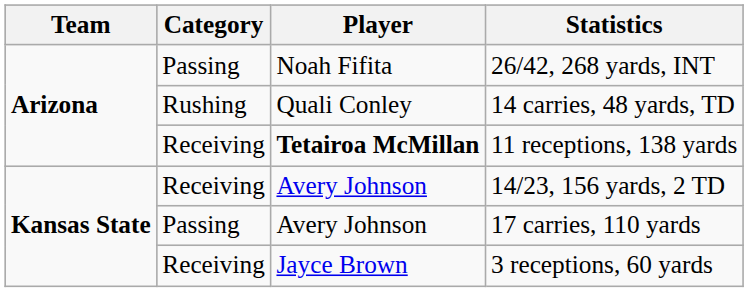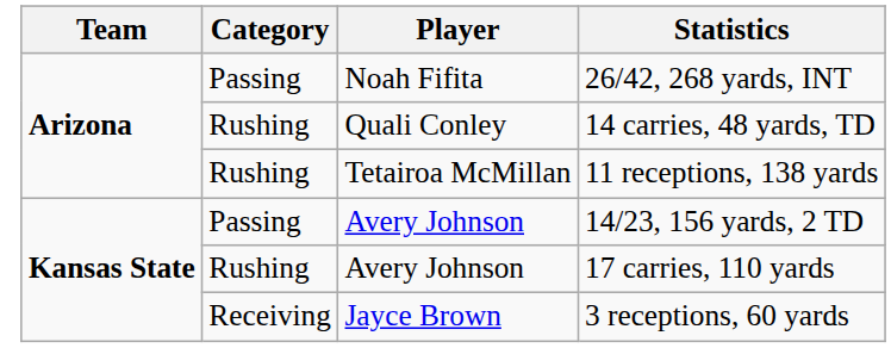 <table class="wikitable" style="float: right;">
 <tr>
 <th>Team</th>
 <th>Category</th>
 <th>Player</th>
 <th>Statistics</th>
 </tr>
 <tr>
 <td rowspan=3><strong>Arizona</strong></td>
 <td>Passing</td>
 <td>Noah Fifita</td>
 <td>26/42, 268 yards, INT</td>
 </tr>
 <tr>
 <td>Rushing</td>
 <td>Quali Conley</td>
 <td>14 carries, 48 yards, TD</td>
 </tr>
 <tr>
-<td>Receiving</td>
-<td><strong>Tetairoa McMillan</strong></td>
+<td>Rushing</td>
+<td>Tetairoa McMillan</td>
 <td>11 receptions, 138 yards</td>
 </tr>
 <tr>
 <td rowspan=3><strong>Kansas State</strong></td>
-<td>Receiving</td>
+<td>Passing</td>
 <td><a href='#'>Avery Johnson</a></td>
 <td>14/23, 156 yards, 2 TD</td>
 </tr>
 <tr>
-<td>Passing</td>
+<td>Rushing</td>
 <td>Avery Johnson</td>
 <td>17 carries, 110 yards</td>
 </tr>
 <tr>
 <td>Receiving</td>
 <td><a href='#'>Jayce Brown</a></td>
 <td>3 receptions, 60 yards</td>
 </tr>
 </table>
